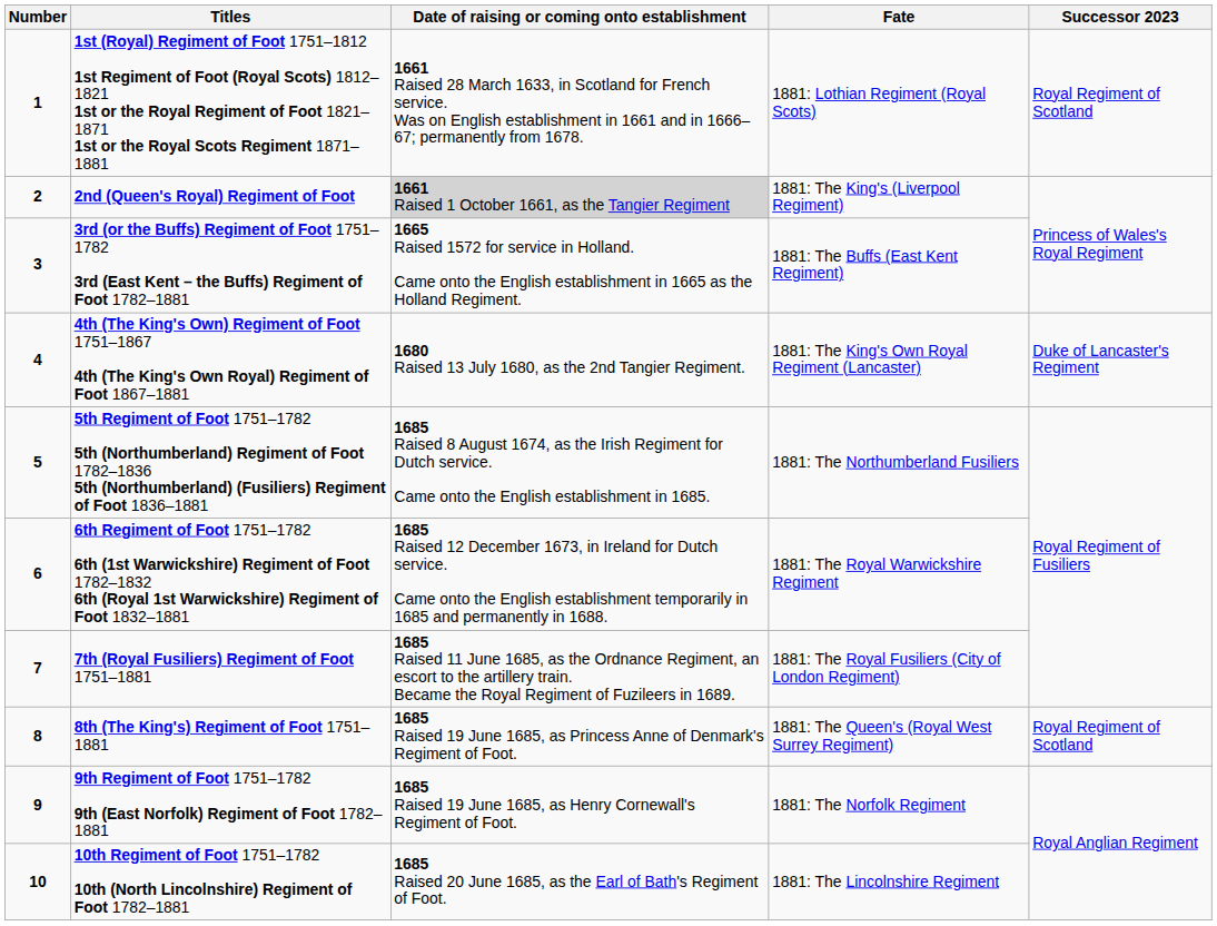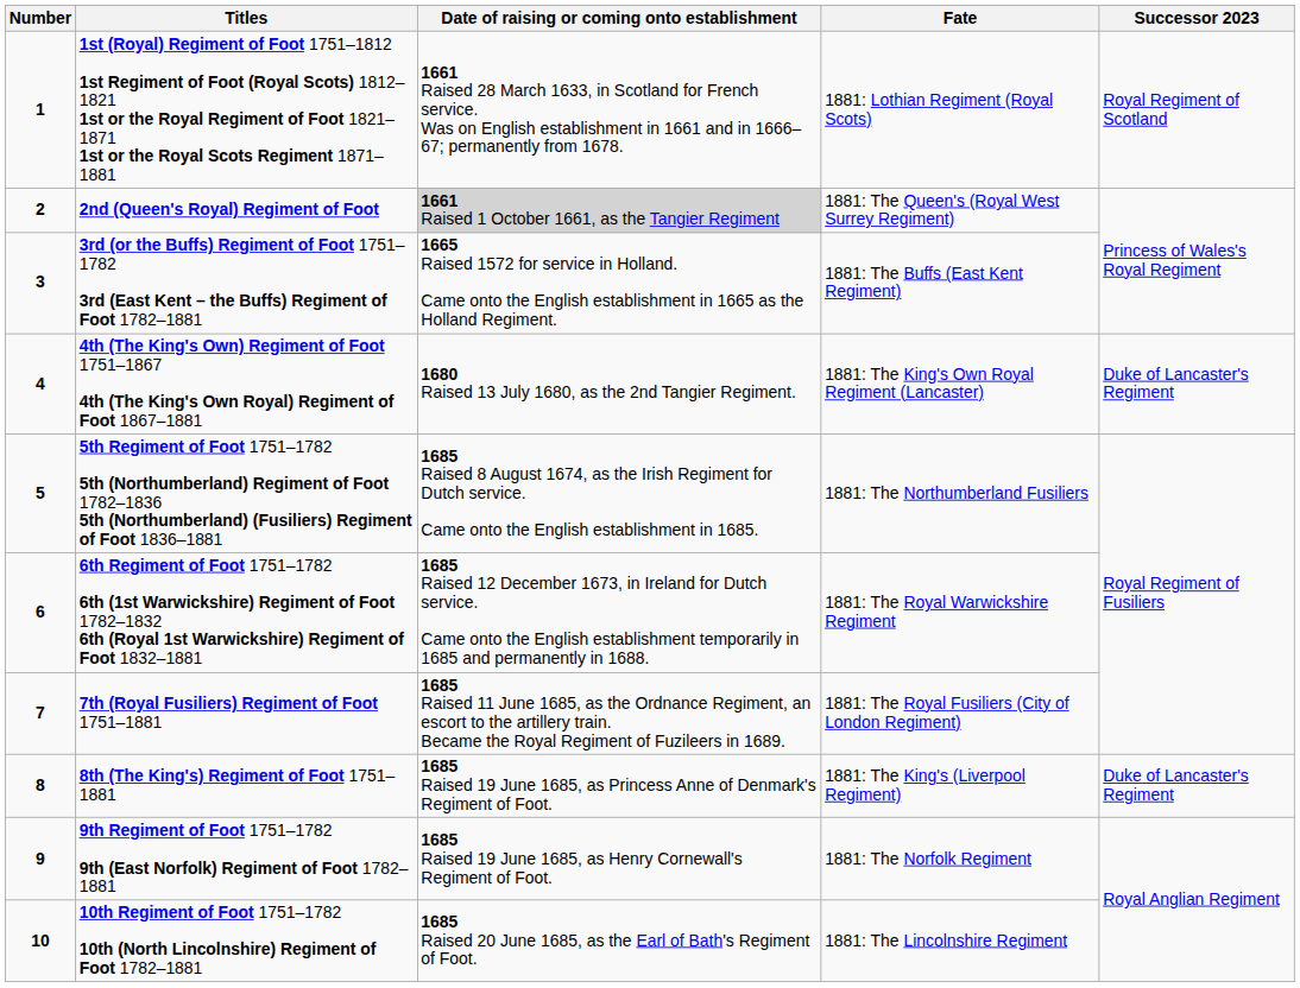 <table class="wikitable">
 <tr>
 <th>Number</th>
 <th>Titles</th>
 <th>Date of raising or coming onto establishment</th>
 <th>Fate</th>
 <th>Successor 2023</th>
 </tr>
 <tr>
 <td align=center valign=middle><strong>1</strong></td>
 <td><strong><a href='#'>1st (Royal) Regiment of Foot</a></strong> 1751–1812<br><br><strong>1st Regiment of Foot (Royal Scots)</strong> 1812–1821 <br><strong>1st or the Royal Regiment of Foot</strong> 1821–1871 <br><strong>1st or the Royal Scots Regiment</strong> 1871–1881</td>
 <td><strong>1661</strong><br>Raised 28 March 1633, in Scotland for French service.<br>Was on English establishment in 1661 and in 1666–67; permanently from 1678.</td>
 <td>1881: <a href='#'>Lothian Regiment (Royal Scots)</a></td>
 <td><a href='#'>Royal Regiment of Scotland</a></td>
 </tr>
 <tr>
 <td align=center valign=middle><strong>2</strong></td>
 <td><strong><a href='#'>2nd (Queen's Royal) Regiment of Foot</a></strong></td>
 <td style="background: lightgrey;"><strong>1661</strong><br>Raised 1 October 1661, as the <a href='#'>Tangier Regiment</a></td>
-<td>1881: The <a href='#'>King's (Liverpool Regiment)</a></td>
+<td>1881: The <a href='#'>Queen's (Royal West Surrey Regiment)</a></td>
 <td rowspan=2><a href='#'>Princess of Wales's Royal Regiment</a></td>
 </tr>
 <tr>
 <td align=center valign=middle><strong>3</strong></td>
 <td><strong><a href='#'>3rd (or the Buffs) Regiment of Foot</a></strong> 1751–1782<br><br><strong>3rd (East Kent – the Buffs) Regiment of Foot</strong> 1782–1881</td>
 <td><strong>1665</strong><br>Raised 1572 for service in Holland.<br><br>Came onto the English establishment in 1665 as the Holland Regiment.</td>
 <td>1881: The <a href='#'>Buffs (East Kent Regiment)</a></td>
 </tr>
 <tr>
 <td align=center valign=middle><strong>4</strong></td>
 <td><strong><a href='#'>4th (The King's Own) Regiment of Foot</a></strong> 1751–1867<br><br><strong>4th (The King's Own Royal) Regiment of Foot</strong> 1867–1881</td>
 <td><strong>1680</strong><br>Raised 13 July 1680, as the 2nd Tangier Regiment.</td>
 <td>1881: The <a href='#'>King's Own Royal Regiment (Lancaster)</a></td>
 <td><a href='#'>Duke of Lancaster's Regiment</a></td>
 </tr>
 <tr>
 <td align=center valign=middle><strong>5</strong></td>
 <td><strong><a href='#'>5th Regiment of Foot</a></strong> 1751–1782<br><br><strong>5th (Northumberland) Regiment of Foot</strong> 1782–1836<br> <strong>5th (Northumberland) (Fusiliers) Regiment of Foot</strong> 1836–1881</td>
 <td><strong>1685</strong><br>Raised 8 August 1674, as the Irish Regiment for Dutch service.<br><br>Came onto the English establishment in 1685.</td>
 <td>1881: The <a href='#'>Northumberland Fusiliers</a></td>
 <td rowspan=3><a href='#'>Royal Regiment of Fusiliers</a></td>
 </tr>
 <tr>
 <td align=center valign=middle><strong>6</strong></td>
 <td><strong><a href='#'>6th Regiment of Foot</a></strong> 1751–1782<br><br><strong>6th (1st Warwickshire) Regiment of Foot</strong> 1782–1832<br> <strong>6th (Royal 1st Warwickshire) Regiment of Foot</strong> 1832–1881</td>
 <td><strong>1685</strong><br>Raised 12 December 1673, in Ireland for Dutch service.<br><br>Came onto the English establishment temporarily in 1685 and permanently in 1688.</td>
 <td>1881: The <a href='#'>Royal Warwickshire Regiment</a></td>
 </tr>
 <tr>
 <td align=center valign=middle><strong>7</strong></td>
 <td><strong><a href='#'>7th (Royal Fusiliers) Regiment of Foot</a></strong> 1751–1881</td>
 <td><strong>1685</strong><br>Raised 11 June 1685, as the Ordnance Regiment, an escort to the artillery train.<br>Became the Royal Regiment of Fuzileers in 1689.</td>
 <td>1881: The <a href='#'>Royal Fusiliers (City of London Regiment)</a></td>
 </tr>
 <tr>
 <td align=center valign=middle><strong>8</strong></td>
 <td><strong><a href='#'>8th (The King's) Regiment of Foot</a></strong> 1751–1881</td>
 <td><strong>1685</strong><br>Raised 19 June 1685, as Princess Anne of Denmark's Regiment of Foot.</td>
-<td>1881: The <a href='#'>Queen's (Royal West Surrey Regiment)</a></td>
-<td><a href='#'>Royal Regiment of Scotland</a></td>
+<td>1881: The <a href='#'>King's (Liverpool Regiment)</a></td>
+<td><a href='#'>Duke of Lancaster's Regiment</a></td>
 </tr>
 <tr>
 <td align=center valign=middle><strong>9</strong></td>
 <td><strong><a href='#'>9th Regiment of Foot</a></strong> 1751–1782<br><br><strong>9th (East Norfolk) Regiment of Foot</strong> 1782–1881</td>
 <td><strong>1685</strong><br>Raised 19 June 1685, as Henry Cornewall's Regiment of Foot.</td>
 <td>1881: The <a href='#'>Norfolk Regiment</a></td>
 <td rowspan=2><a href='#'>Royal Anglian Regiment</a></td>
 </tr>
 <tr>
 <td align=center valign=middle><strong>10</strong></td>
 <td><strong><a href='#'>10th Regiment of Foot</a></strong> 1751–1782<br><br><strong>10th (North Lincolnshire) Regiment of Foot</strong> 1782–1881</td>
 <td><strong>1685</strong><br>Raised 20 June 1685, as the <a href='#'>Earl of Bath</a>'s Regiment of Foot.</td>
 <td>1881: The <a href='#'>Lincolnshire Regiment</a></td>
 </tr>
 </table>
